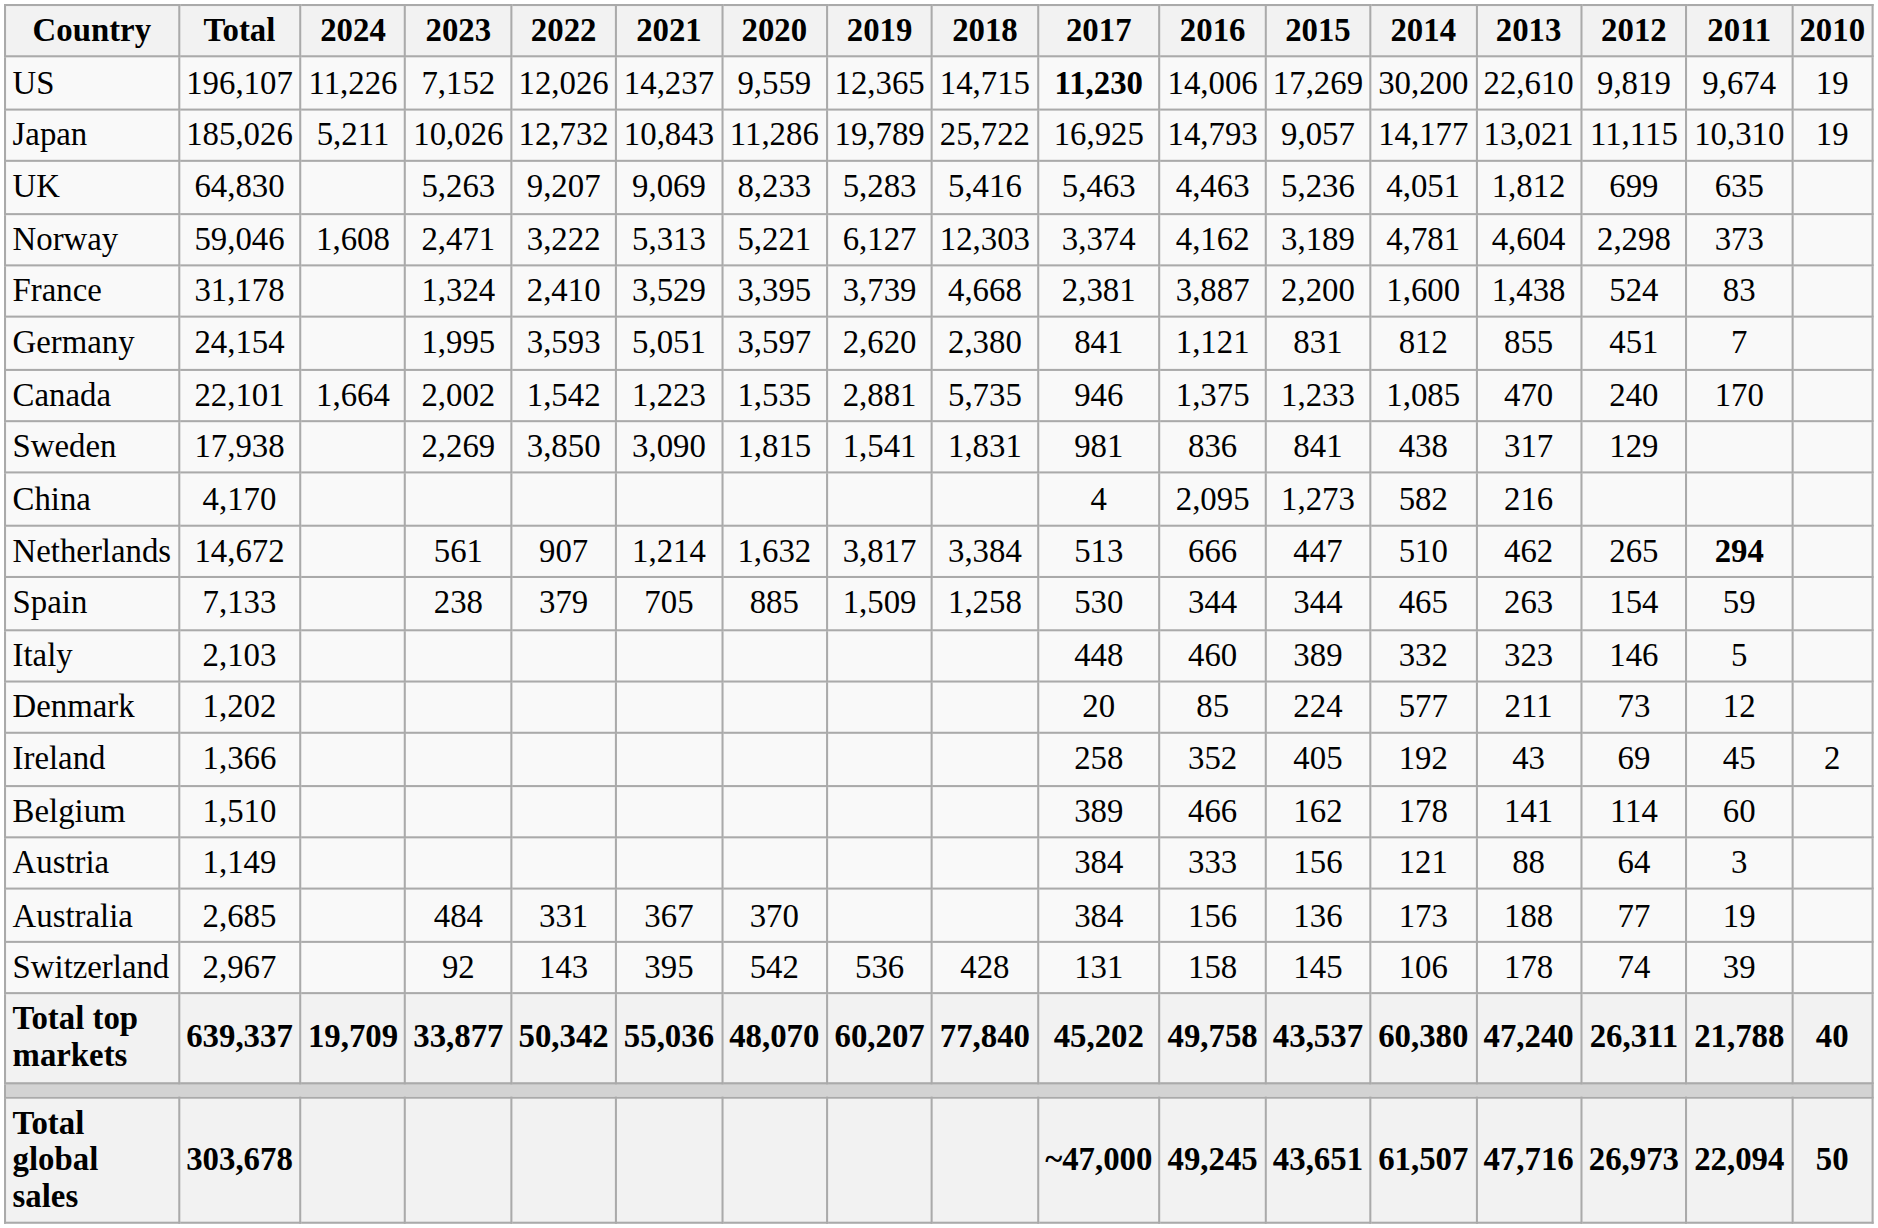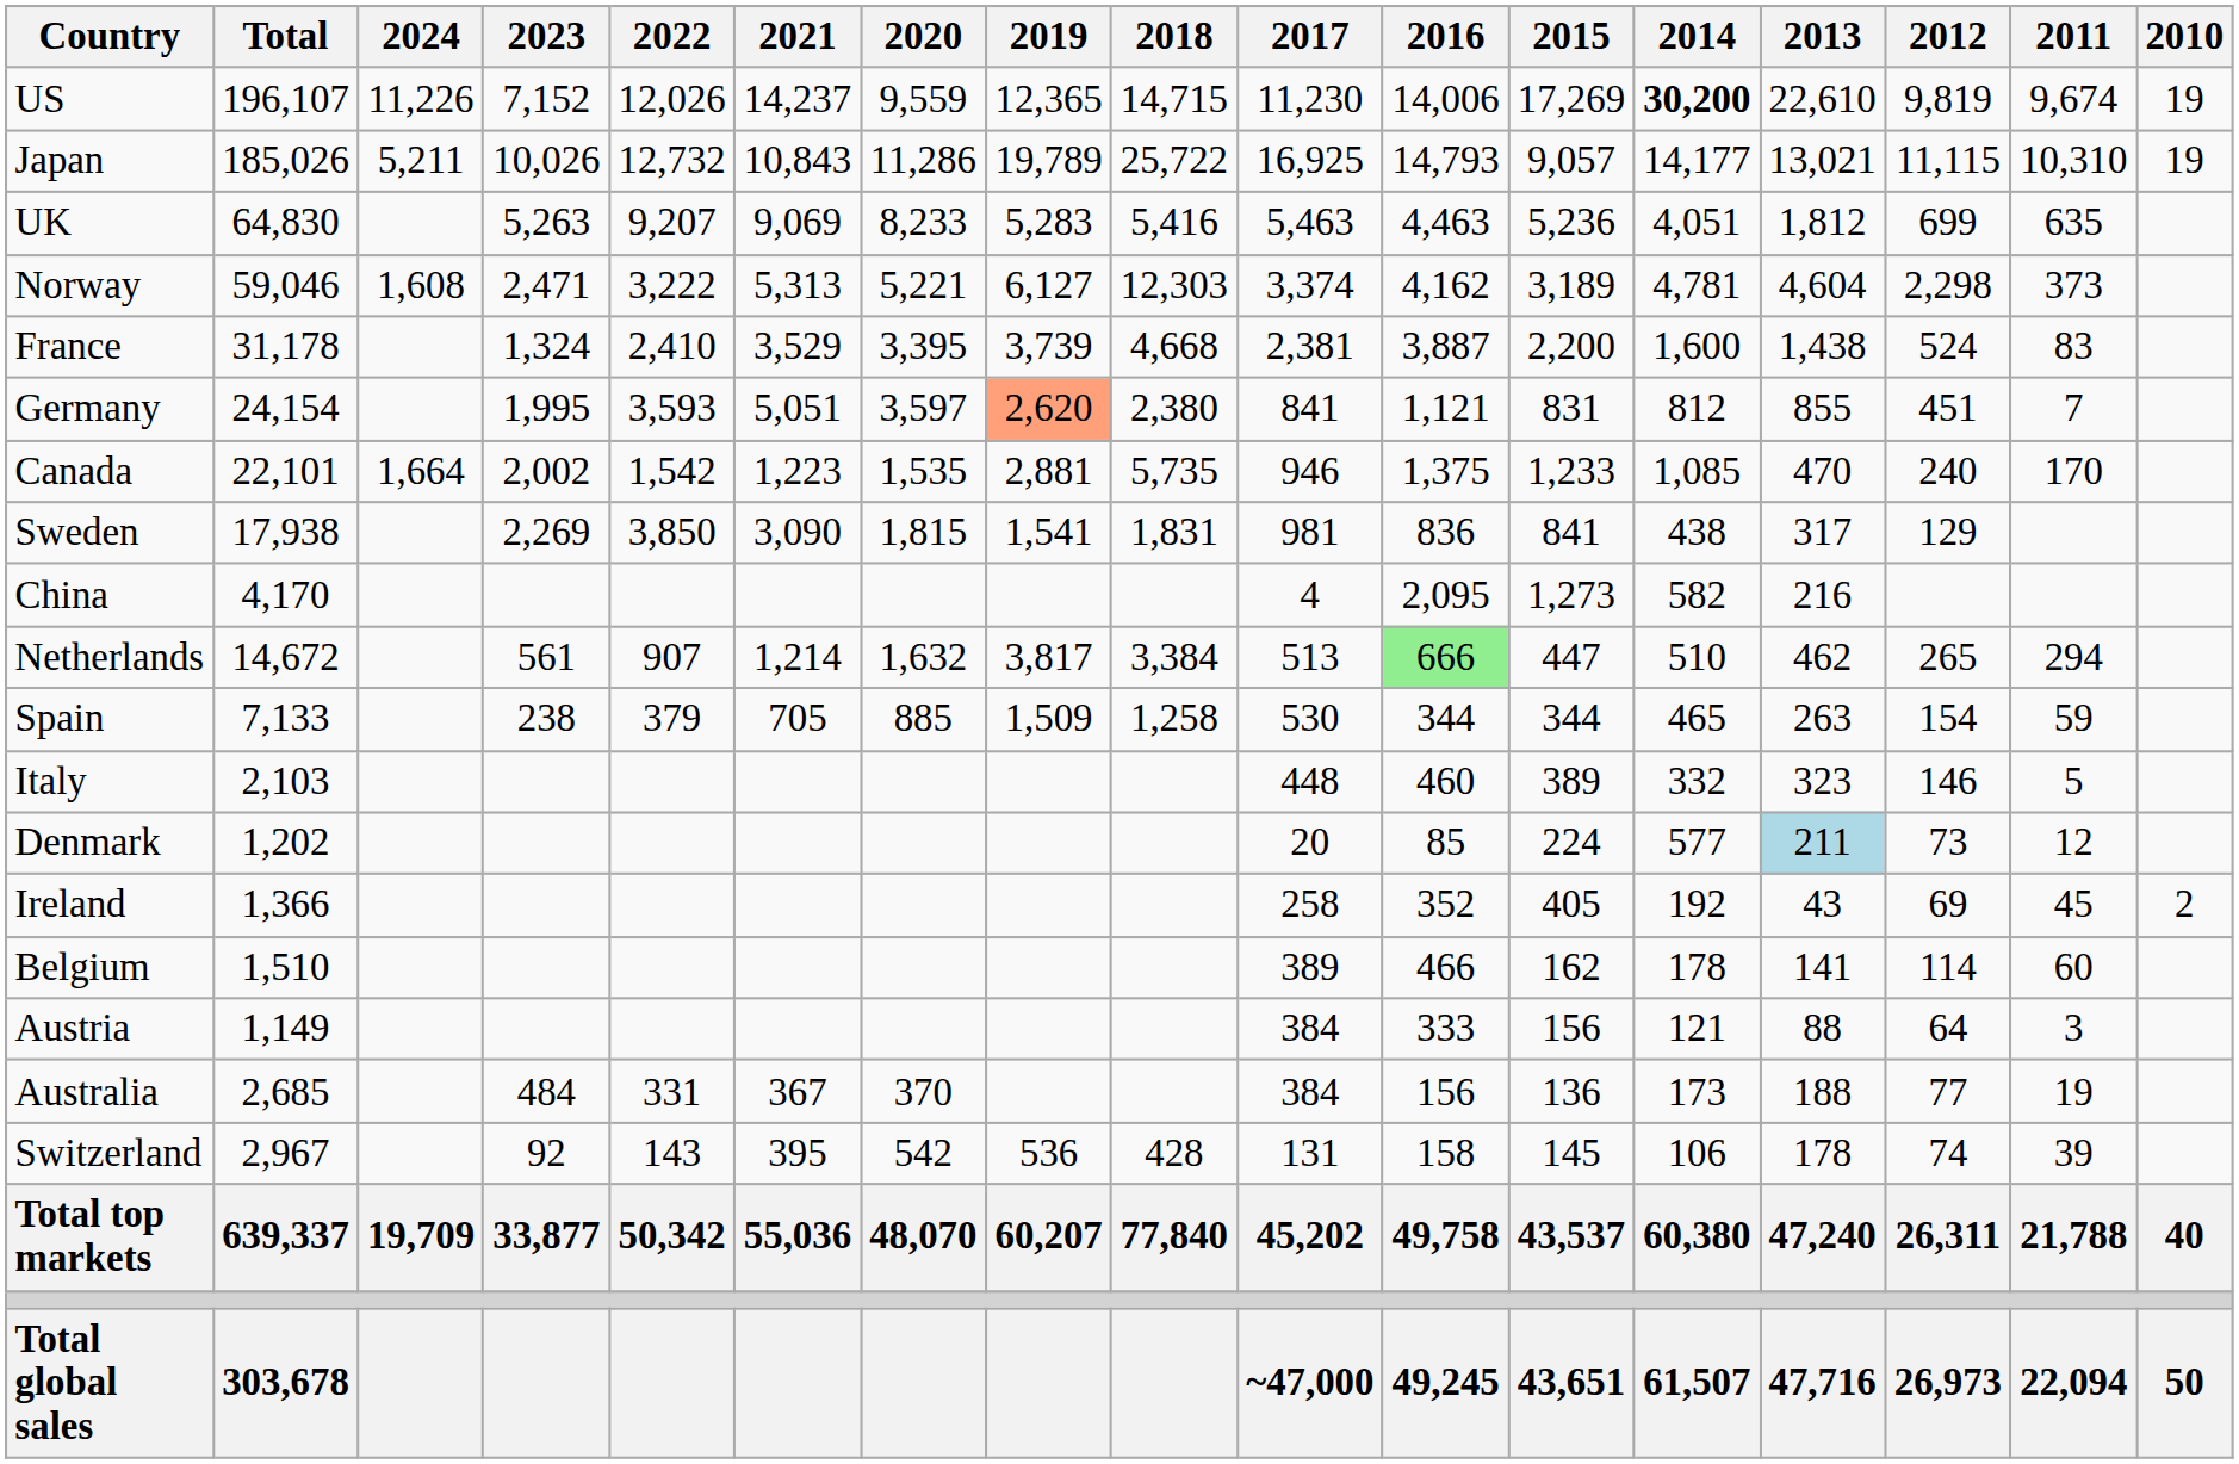 <table class="wikitable mw-collapsible mw-collapsed" style="text-align: center;">
 <tr>
 <th>Country</th>
 <th style="width: 60px;">Total</th>
 <th>2024</th>
 <th>2023</th>
 <th>2022</th>
 <th>2021</th>
 <th>2020</th>
 <th>2019</th>
 <th>2018</th>
 <th style="width: 60px;">2017</th>
 <th style="width: 60px;">2016</th>
 <th style="width: 60px;">2015</th>
 <th style="width: 60px;">2014</th>
 <th style="width: 60px;">2013</th>
 <th style="width: 60px;">2012</th>
 <th style="width: 60px;">2011</th>
 <th style="width: 60px;">2010</th>
 </tr>
 <tr>
 <td style="text-align: left;">US</td>
 <td>196,107</td>
 <td>11,226</td>
 <td>7,152</td>
 <td>12,026</td>
 <td>14,237</td>
 <td>9,559</td>
 <td>12,365</td>
 <td>14,715</td>
-<td><strong>11,230</strong></td>
+<td>11,230</td>
 <td>14,006</td>
 <td>17,269</td>
-<td>30,200</td>
+<td><strong>30,200</strong></td>
 <td>22,610</td>
 <td>9,819</td>
 <td>9,674</td>
 <td>19</td>
 </tr>
 <tr>
 <td style="text-align: left;">Japan</td>
 <td>185,026</td>
 <td>5,211</td>
 <td>10,026</td>
 <td>12,732</td>
 <td>10,843</td>
 <td>11,286</td>
 <td>19,789</td>
 <td>25,722</td>
 <td>16,925</td>
 <td>14,793</td>
 <td>9,057</td>
 <td>14,177</td>
 <td>13,021</td>
 <td>11,115</td>
 <td>10,310</td>
 <td>19</td>
 </tr>
 <tr>
 <td style="text-align: left;">UK</td>
 <td>64,830</td>
 <td> </td>
 <td>5,263</td>
 <td>9,207</td>
 <td>9,069</td>
 <td>8,233</td>
 <td>5,283</td>
 <td>5,416</td>
 <td>5,463</td>
 <td>4,463</td>
 <td>5,236</td>
 <td>4,051</td>
 <td>1,812</td>
 <td>699</td>
 <td>635</td>
 <td> </td>
 </tr>
 <tr>
 <td style="text-align: left;">Norway</td>
 <td>59,046</td>
 <td>1,608</td>
 <td>2,471</td>
 <td>3,222</td>
 <td>5,313</td>
 <td>5,221</td>
 <td>6,127</td>
 <td>12,303</td>
 <td>3,374</td>
 <td>4,162</td>
 <td>3,189</td>
 <td>4,781</td>
 <td>4,604</td>
 <td>2,298</td>
 <td>373</td>
 <td> </td>
 </tr>
 <tr>
 <td style="text-align: left;">France</td>
 <td>31,178</td>
 <td> </td>
 <td>1,324</td>
 <td>2,410</td>
 <td>3,529</td>
 <td>3,395</td>
 <td>3,739</td>
 <td>4,668</td>
 <td>2,381</td>
 <td>3,887</td>
 <td>2,200</td>
 <td>1,600</td>
 <td>1,438</td>
 <td>524</td>
 <td>83</td>
 <td> </td>
 </tr>
 <tr>
 <td style="text-align: left;">Germany</td>
 <td>24,154</td>
 <td> </td>
 <td>1,995</td>
 <td>3,593</td>
 <td>5,051</td>
 <td>3,597</td>
-<td>2,620</td>
+<td style="background: lightsalmon;">2,620</td>
 <td>2,380</td>
 <td>841</td>
 <td>1,121</td>
 <td>831</td>
 <td>812</td>
 <td>855</td>
 <td>451</td>
 <td>7</td>
 <td> </td>
 </tr>
 <tr>
 <td style="text-align: left;">Canada</td>
 <td>22,101</td>
 <td>1,664</td>
 <td>2,002</td>
 <td>1,542</td>
 <td>1,223</td>
 <td>1,535</td>
 <td>2,881</td>
 <td>5,735</td>
 <td>946</td>
 <td>1,375</td>
 <td>1,233</td>
 <td>1,085</td>
 <td>470</td>
 <td>240</td>
 <td>170</td>
 <td> </td>
 </tr>
 <tr>
 <td style="text-align: left;">Sweden</td>
 <td>17,938</td>
 <td> </td>
 <td>2,269</td>
 <td>3,850</td>
 <td>3,090</td>
 <td>1,815</td>
 <td>1,541</td>
 <td>1,831</td>
 <td>981</td>
 <td>836</td>
 <td>841</td>
 <td>438</td>
 <td>317</td>
 <td>129</td>
 <td> </td>
 <td> </td>
 </tr>
 <tr>
 <td style="text-align: left;">China</td>
 <td>4,170</td>
 <td> </td>
 <td> </td>
 <td> </td>
 <td> </td>
 <td> </td>
 <td> </td>
 <td> </td>
 <td>4</td>
 <td>2,095</td>
 <td>1,273</td>
 <td>582</td>
 <td>216</td>
 <td> </td>
 <td> </td>
 <td> </td>
 </tr>
 <tr>
 <td style="text-align: left;">Netherlands</td>
 <td>14,672</td>
 <td> </td>
 <td>561</td>
 <td>907</td>
 <td>1,214</td>
 <td>1,632</td>
 <td>3,817</td>
 <td>3,384</td>
 <td>513</td>
-<td>666</td>
+<td style="background: lightgreen;">666</td>
 <td>447</td>
 <td>510</td>
 <td>462</td>
 <td>265</td>
-<td><strong>294</strong></td>
+<td>294</td>
 <td> </td>
 </tr>
 <tr>
 <td style="text-align: left;">Spain</td>
 <td>7,133</td>
 <td> </td>
 <td>238</td>
 <td>379</td>
 <td>705</td>
 <td>885</td>
 <td>1,509</td>
 <td>1,258</td>
 <td>530</td>
 <td>344</td>
 <td>344</td>
 <td>465</td>
 <td>263</td>
 <td>154</td>
 <td>59</td>
 <td> </td>
 </tr>
 <tr>
 <td style="text-align: left;">Italy</td>
 <td>2,103</td>
 <td> </td>
 <td> </td>
 <td> </td>
 <td> </td>
 <td> </td>
 <td> </td>
 <td> </td>
 <td>448</td>
 <td>460</td>
 <td>389</td>
 <td>332</td>
 <td>323</td>
 <td>146</td>
 <td>5</td>
 <td> </td>
 </tr>
 <tr>
 <td style="text-align: left;">Denmark</td>
 <td>1,202</td>
 <td> </td>
 <td> </td>
 <td> </td>
 <td> </td>
 <td> </td>
 <td> </td>
 <td> </td>
 <td>20</td>
 <td>85</td>
 <td>224</td>
 <td>577</td>
-<td>211</td>
+<td style="background: lightblue;">211</td>
 <td>73</td>
 <td>12</td>
 <td> </td>
 </tr>
 <tr>
 <td style="text-align: left;">Ireland</td>
 <td>1,366</td>
 <td> </td>
 <td> </td>
 <td> </td>
 <td> </td>
 <td> </td>
 <td> </td>
 <td> </td>
 <td>258</td>
 <td>352</td>
 <td>405</td>
 <td>192</td>
 <td>43</td>
 <td>69</td>
 <td>45</td>
 <td>2</td>
 </tr>
 <tr>
 <td style="text-align: left;">Belgium</td>
 <td>1,510</td>
 <td> </td>
 <td> </td>
 <td> </td>
 <td> </td>
 <td> </td>
 <td> </td>
 <td> </td>
 <td>389</td>
 <td>466</td>
 <td>162</td>
 <td>178</td>
 <td>141</td>
 <td>114</td>
 <td>60</td>
 <td> </td>
 </tr>
 <tr>
 <td style="text-align: left;">Austria</td>
 <td>1,149</td>
 <td> </td>
 <td> </td>
 <td> </td>
 <td> </td>
 <td> </td>
 <td> </td>
 <td> </td>
 <td>384</td>
 <td>333</td>
 <td>156</td>
 <td>121</td>
 <td>88</td>
 <td>64</td>
 <td>3</td>
 <td></td>
 </tr>
 <tr>
 <td style="text-align: left;">Australia</td>
 <td>2,685</td>
 <td> </td>
 <td>484</td>
 <td>331</td>
 <td>367</td>
 <td>370</td>
 <td> </td>
 <td> </td>
 <td>384</td>
 <td>156</td>
 <td>136</td>
 <td>173</td>
 <td>188</td>
 <td>77</td>
 <td>19</td>
 <td> </td>
 </tr>
 <tr>
 <td style="text-align: left;">Switzerland</td>
 <td>2,967</td>
 <td> </td>
 <td>92</td>
 <td>143</td>
 <td>395</td>
 <td>542</td>
 <td>536</td>
 <td>428</td>
 <td>131</td>
 <td>158</td>
 <td>145</td>
 <td>106</td>
 <td>178</td>
 <td>74</td>
 <td>39</td>
 <td> </td>
 </tr>
 <tr>
 <th style="text-align: left;">Total top markets</th>
 <th>639,337</th>
 <th>19,709</th>
 <th>33,877</th>
 <th>50,342</th>
 <th>55,036</th>
 <th>48,070</th>
 <th>60,207</th>
 <th>77,840</th>
 <th>45,202</th>
 <th>49,758</th>
 <th>43,537</th>
 <th>60,380</th>
 <th>47,240</th>
 <th>26,311</th>
 <th>21,788</th>
 <th>40</th>
 </tr>
 <tr>
 <td colspan="17" style="background: lightgrey;"></td>
 </tr>
 <tr>
 <th style="text-align: left;">Total global sales</th>
 <th>303,678</th>
 <th></th>
 <th></th>
 <th></th>
 <th></th>
 <th></th>
 <th></th>
 <th></th>
 <th>~47,000</th>
 <th>49,245</th>
 <th>43,651</th>
 <th>61,507</th>
 <th>47,716</th>
 <th>26,973</th>
 <th>22,094</th>
 <th>50</th>
 </tr>
 </table>
